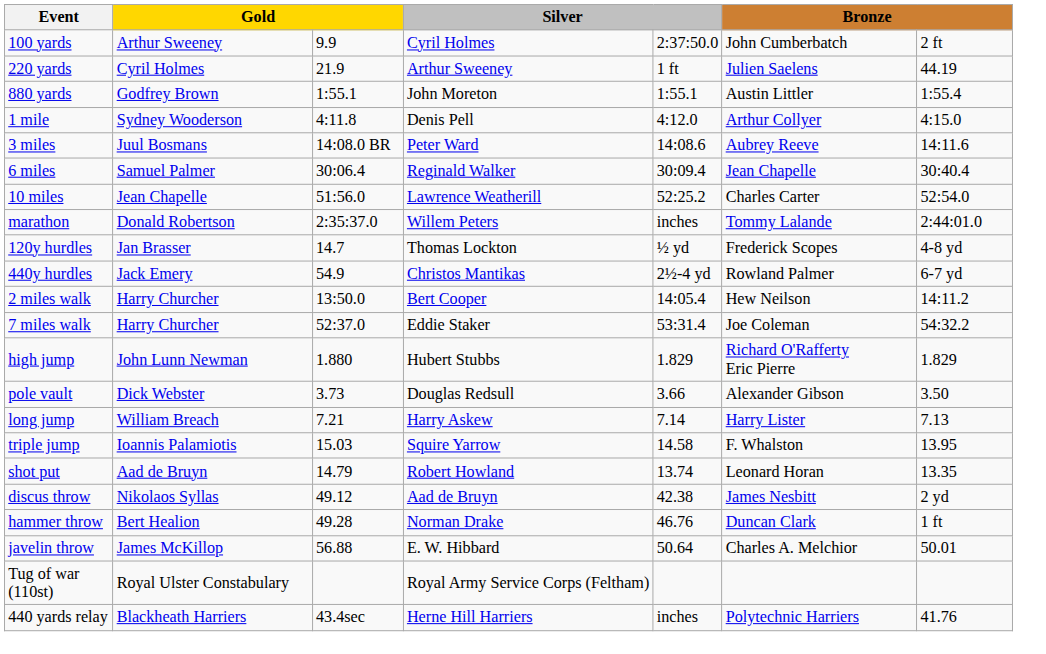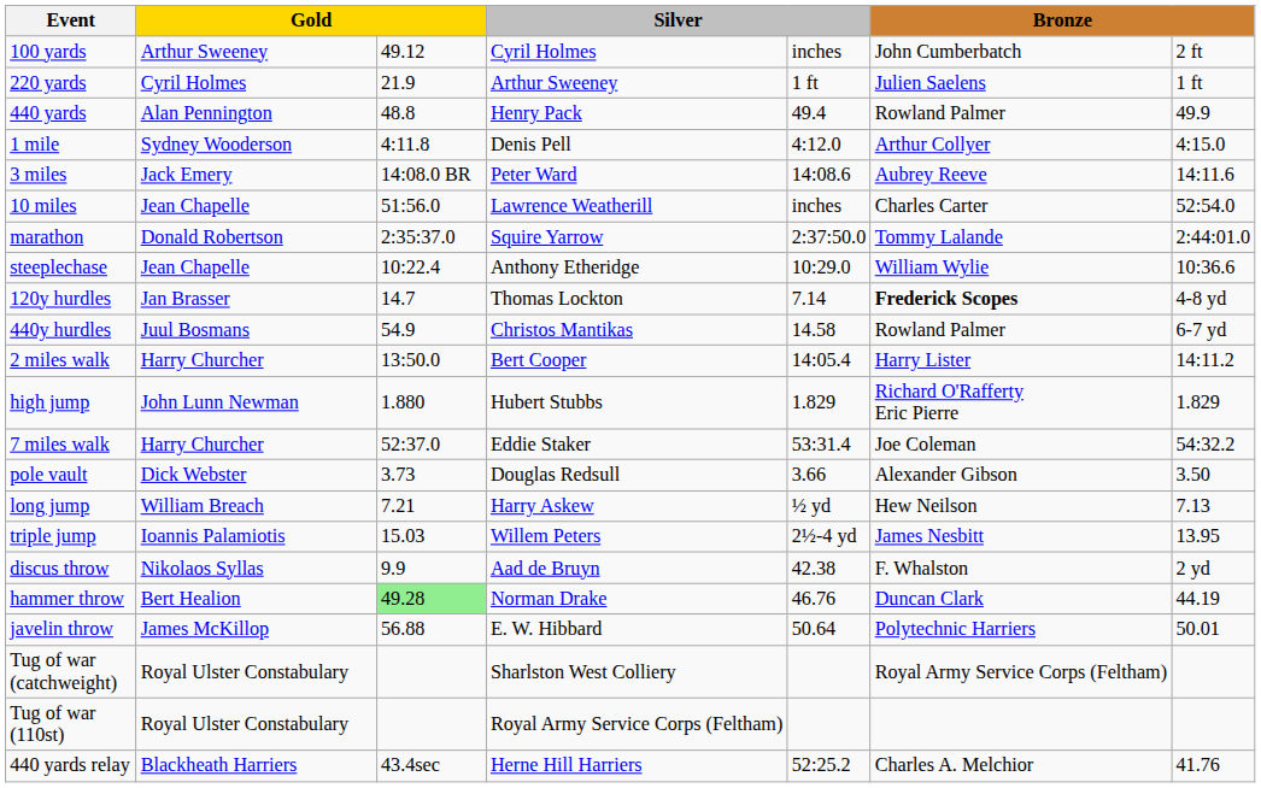 <table class="wikitable" style="text-align:left">
 <tr>
 <th width=100>Event</th>
 <th colspan="2" width="280" style="background:gold;">Gold</th>
 <th colspan="2" width="280" style="background:silver;">Silver</th>
 <th colspan="2" width="280" style="background:#CD7F32;">Bronze</th>
 </tr>
 <tr>
 <td><a href='#'>100 yards</a></td>
 <td><a href='#'>Arthur Sweeney</a></td>
-<td>9.9</td>
+<td>49.12</td>
 <td><a href='#'>Cyril Holmes</a></td>
-<td>2:37:50.0</td>
+<td>inches</td>
 <td> John Cumberbatch</td>
 <td>2 ft</td>
 </tr>
 <tr>
 <td><a href='#'>220 yards</a></td>
 <td><a href='#'>Cyril Holmes</a></td>
 <td>21.9</td>
 <td><a href='#'>Arthur Sweeney</a></td>
 <td>1 ft</td>
 <td> <a href='#'>Julien Saelens</a></td>
-<td>44.19</td>
+<td>1 ft</td>
 </tr>
 <tr>
-<td><a href='#'>880 yards</a></td>
-<td><a href='#'>Godfrey Brown</a></td>
-<td>1:55.1</td>
-<td>John Moreton</td>
-<td>1:55.1</td>
-<td>Austin Littler</td>
-<td>1:55.4</td>
+<td><a href='#'>440 yards</a></td>
+<td><a href='#'>Alan Pennington</a></td>
+<td>48.8</td>
+<td><a href='#'>Henry Pack</a></td>
+<td>49.4</td>
+<td>Rowland Palmer</td>
+<td>49.9</td>
 </tr>
 <tr>
 <td><a href='#'>1 mile</a></td>
 <td><a href='#'>Sydney Wooderson</a></td>
 <td>4:11.8</td>
 <td>Denis Pell</td>
 <td>4:12.0</td>
 <td><a href='#'>Arthur Collyer</a></td>
 <td>4:15.0</td>
 </tr>
 <tr>
 <td><a href='#'>3 miles</a></td>
-<td> <a href='#'>Juul Bosmans</a></td>
+<td><a href='#'>Jack Emery</a></td>
 <td>14:08.0 BR</td>
 <td><a href='#'>Peter Ward</a></td>
 <td>14:08.6</td>
 <td><a href='#'>Aubrey Reeve</a></td>
 <td>14:11.6</td>
 </tr>
 <tr>
-<td><a href='#'>6 miles</a></td>
-<td> <a href='#'>Samuel Palmer</a></td>
-<td>30:06.4</td>
-<td><a href='#'>Reginald Walker</a></td>
-<td>30:09.4</td>
-<td> <a href='#'>Jean Chapelle</a></td>
-<td>30:40.4</td>
-</tr>
-<tr>
 <td><a href='#'>10 miles</a></td>
 <td> <a href='#'>Jean Chapelle</a></td>
 <td>51:56.0</td>
 <td><a href='#'>Lawrence Weatherill</a></td>
-<td>52:25.2</td>
+<td>inches</td>
 <td>Charles Carter</td>
 <td>52:54.0</td>
 </tr>
 <tr>
 <td><a href='#'>marathon</a></td>
 <td> <a href='#'>Donald Robertson</a></td>
 <td>2:35:37.0</td>
-<td> <a href='#'>Willem Peters</a></td>
-<td>inches</td>
+<td><a href='#'>Squire Yarrow</a></td>
+<td>2:37:50.0</td>
 <td> <a href='#'>Tommy Lalande</a></td>
 <td>2:44:01.0</td>
+</tr>
+<tr>
+<td><a href='#'>steeplechase</a></td>
+<td> <a href='#'>Jean Chapelle</a></td>
+<td>10:22.4</td>
+<td>Anthony Etheridge</td>
+<td>10:29.0</td>
+<td> <a href='#'>William Wylie</a></td>
+<td>10:36.6</td>
 </tr>
 <tr>
 <td><a href='#'>120y hurdles</a></td>
 <td> <a href='#'>Jan Brasser</a></td>
 <td>14.7</td>
 <td>Thomas Lockton</td>
-<td>½ yd</td>
-<td>Frederick Scopes</td>
+<td>7.14</td>
+<td><strong>Frederick Scopes</strong></td>
 <td>4-8 yd</td>
 </tr>
 <tr>
 <td><a href='#'>440y hurdles</a></td>
-<td><a href='#'>Jack Emery</a></td>
+<td> <a href='#'>Juul Bosmans</a></td>
 <td>54.9</td>
 <td> <a href='#'>Christos Mantikas</a></td>
-<td>2½-4 yd</td>
+<td>14.58</td>
 <td>Rowland Palmer</td>
 <td>6-7 yd</td>
 </tr>
 <tr>
 <td><a href='#'>2 miles walk</a></td>
 <td><a href='#'>Harry Churcher</a></td>
 <td>13:50.0</td>
 <td><a href='#'>Bert Cooper</a></td>
 <td>14:05.4</td>
-<td>Hew Neilson</td>
+<td><a href='#'>Harry Lister</a></td>
 <td>14:11.2</td>
+</tr>
+<tr>
+<td><a href='#'>high jump</a></td>
+<td><a href='#'>John Lunn Newman</a></td>
+<td>1.880</td>
+<td>Hubert Stubbs</td>
+<td>1.829</td>
+<td> <a href='#'>Richard O'Rafferty</a><br> Eric Pierre</td>
+<td>1.829</td>
 </tr>
 <tr>
 <td><a href='#'>7 miles walk</a></td>
 <td><a href='#'>Harry Churcher</a></td>
 <td>52:37.0</td>
 <td>Eddie Staker</td>
 <td>53:31.4</td>
 <td>Joe Coleman</td>
 <td>54:32.2</td>
-</tr>
-<tr>
-<td><a href='#'>high jump</a></td>
-<td><a href='#'>John Lunn Newman</a></td>
-<td>1.880</td>
-<td>Hubert Stubbs</td>
-<td>1.829</td>
-<td> <a href='#'>Richard O'Rafferty</a><br> Eric Pierre</td>
-<td>1.829</td>
 </tr>
 <tr>
 <td><a href='#'>pole vault</a></td>
 <td><a href='#'>Dick Webster</a></td>
 <td>3.73</td>
 <td>Douglas Redsull</td>
 <td>3.66</td>
 <td> Alexander Gibson</td>
 <td>3.50</td>
 </tr>
 <tr>
 <td><a href='#'>long jump</a></td>
 <td><a href='#'>William Breach</a></td>
 <td>7.21</td>
 <td><a href='#'>Harry Askew</a></td>
-<td>7.14</td>
-<td><a href='#'>Harry Lister</a></td>
+<td>½ yd</td>
+<td>Hew Neilson</td>
 <td>7.13</td>
 </tr>
 <tr>
 <td><a href='#'>triple jump</a></td>
 <td> <a href='#'>Ioannis Palamiotis</a></td>
 <td>15.03</td>
-<td><a href='#'>Squire Yarrow</a></td>
-<td>14.58</td>
-<td>F. Whalston</td>
+<td> <a href='#'>Willem Peters</a></td>
+<td>2½-4 yd</td>
+<td> <a href='#'>James Nesbitt</a></td>
 <td>13.95</td>
-</tr>
-<tr>
-<td><a href='#'>shot put</a></td>
-<td> <a href='#'>Aad de Bruyn</a></td>
-<td>14.79</td>
-<td><a href='#'>Robert Howland</a></td>
-<td>13.74</td>
-<td> Leonard Horan</td>
-<td>13.35</td>
 </tr>
 <tr>
 <td><a href='#'>discus throw</a></td>
 <td> <a href='#'>Nikolaos Syllas</a></td>
-<td>49.12</td>
+<td>9.9</td>
 <td> <a href='#'>Aad de Bruyn</a></td>
 <td>42.38</td>
-<td> <a href='#'>James Nesbitt</a></td>
+<td>F. Whalston</td>
 <td>2 yd</td>
 </tr>
 <tr>
 <td><a href='#'>hammer throw</a></td>
 <td> <a href='#'>Bert Healion</a></td>
-<td>49.28</td>
+<td style="background: lightgreen;">49.28</td>
 <td><a href='#'>Norman Drake</a></td>
 <td>46.76</td>
 <td> <a href='#'>Duncan Clark</a></td>
-<td>1 ft</td>
+<td>44.19</td>
 </tr>
 <tr>
 <td><a href='#'>javelin throw</a></td>
 <td> <a href='#'>James McKillop</a></td>
 <td>56.88</td>
 <td>E. W. Hibbard</td>
 <td>50.64</td>
-<td>Charles A. Melchior</td>
+<td><a href='#'>Polytechnic Harriers</a></td>
 <td>50.01</td>
+</tr>
+<tr>
+<td>Tug of war (catchweight)</td>
+<td> Royal Ulster Constabulary</td>
+<td></td>
+<td>Sharlston West Colliery</td>
+<td></td>
+<td>Royal Army Service Corps (Feltham)</td>
+<td></td>
 </tr>
 <tr>
 <td>Tug of war (110st)</td>
 <td> Royal Ulster Constabulary</td>
 <td></td>
 <td>Royal Army Service Corps (Feltham)</td>
 <td></td>
 <td></td>
 <td></td>
 </tr>
 <tr>
 <td>440 yards relay</td>
 <td><a href='#'>Blackheath Harriers</a></td>
 <td>43.4sec</td>
 <td><a href='#'>Herne Hill Harriers</a></td>
-<td>inches</td>
-<td><a href='#'>Polytechnic Harriers</a></td>
+<td>52:25.2</td>
+<td>Charles A. Melchior</td>
 <td>41.76</td>
 </tr>
 </table>
